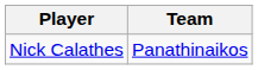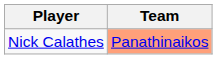 <table class="wikitable">
 <tr>
 <th>Player</th>
 <th>Team</th>
 </tr>
 <tr>
 <td> <a href='#'>Nick Calathes</a></td>
-<td><a href='#'>Panathinaikos</a></td>
+<td style="background: lightsalmon;"><a href='#'>Panathinaikos</a></td>
 </tr>
 </table>
